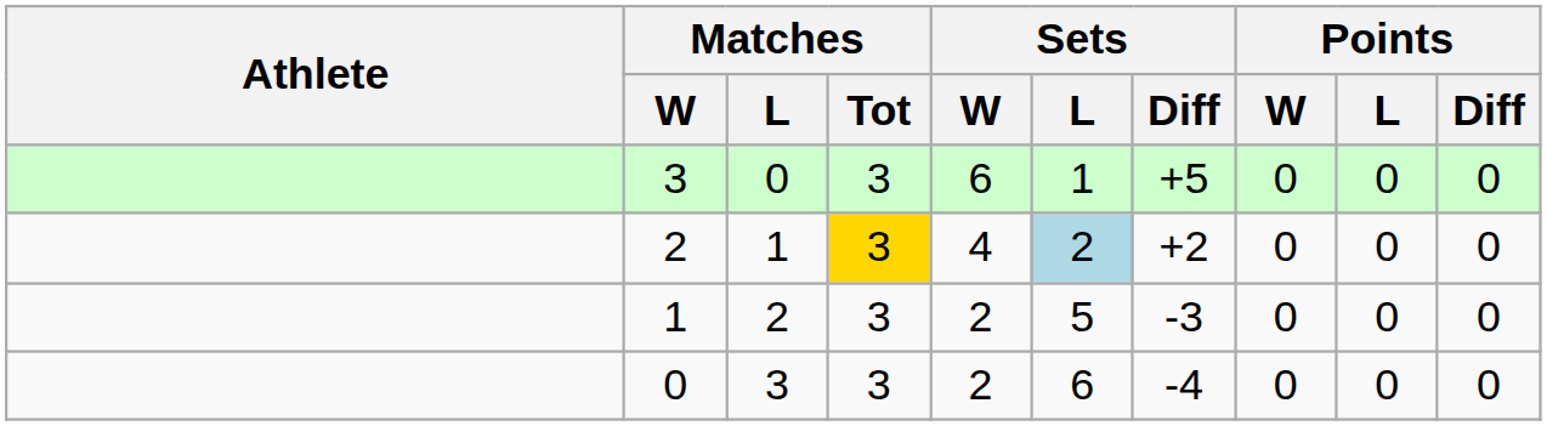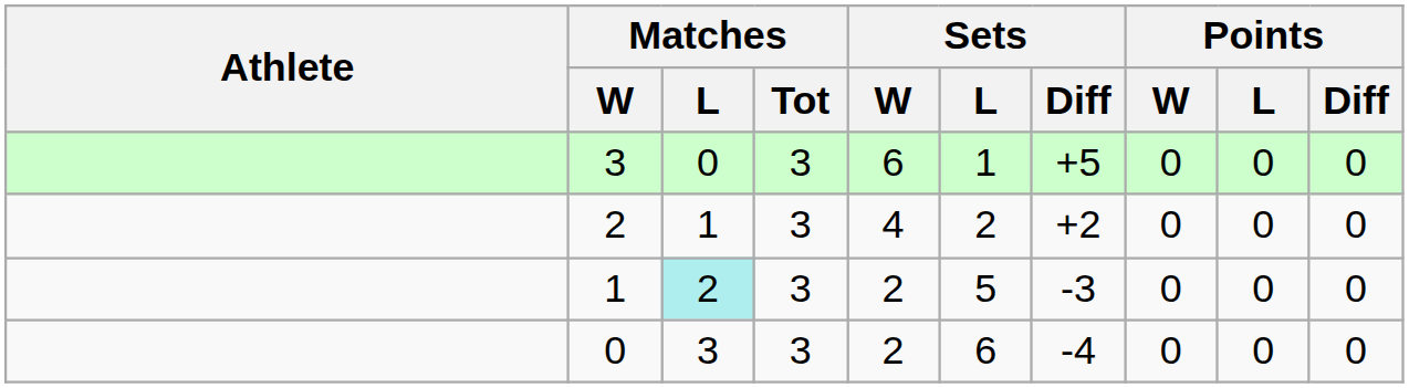 <table class=wikitable style="text-align:center">
 <tr>
 <th rowspan=2 width=220>Athlete</th>
 <th colspan=3 width=90>Matches</th>
 <th colspan=3 width=90>Sets</th>
 <th colspan=3 width=90>Points</th>
 </tr>
 <tr>
 <th width=30>W</th>
 <th width=30>L</th>
 <th width=30>Tot</th>
 <th width=30>W</th>
 <th width=30>L</th>
 <th width=30>Diff</th>
 <th width=30>W</th>
 <th width=30>L</th>
 <th width=30>Diff</th>
 </tr>
 <tr bgcolor=ccffcc>
 <td style="text-align:left"></td>
 <td>3</td>
 <td>0</td>
 <td>3</td>
 <td>6</td>
 <td>1</td>
 <td>+5</td>
 <td>0</td>
 <td>0</td>
 <td>0</td>
 </tr>
 <tr>
 <td style="text-align:left"></td>
 <td>2</td>
 <td>1</td>
-<td style="background: gold;">3</td>
+<td>3</td>
 <td>4</td>
-<td style="background: lightblue;">2</td>
+<td>2</td>
 <td>+2</td>
 <td>0</td>
 <td>0</td>
 <td>0</td>
 </tr>
 <tr>
 <td style="text-align:left"></td>
 <td>1</td>
-<td>2</td>
+<td style="background: paleturquoise;">2</td>
 <td>3</td>
 <td>2</td>
 <td>5</td>
 <td>-3</td>
 <td>0</td>
 <td>0</td>
 <td>0</td>
 </tr>
 <tr>
 <td style="text-align:left"></td>
 <td>0</td>
 <td>3</td>
 <td>3</td>
 <td>2</td>
 <td>6</td>
 <td>-4</td>
 <td>0</td>
 <td>0</td>
 <td>0</td>
 </tr>
 </table>
